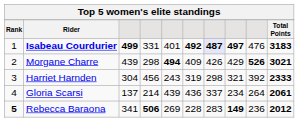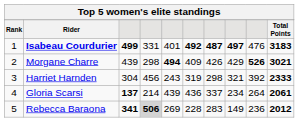 <table class="wikitable sortable">
 <tr>
 <th colspan=27 align="center"><strong>Top 5 women's elite standings</strong></th>
 </tr>
 <tr>
 </tr>
 <tr style="font-size:8pt;font-weight:bold">
 <th align="center">Rank</th>
 <th align="center">Rider</th>
 <th class=unsortable style="background:#E5E4E2;"><small></small></th>
 <th class=unsortable style="background:#E5E4E2;"><small></small></th>
 <th class=unsortable style="background:#E5E4E2;"><small></small></th>
 <th class=unsortable style="background:#E5E4E2;"><small></small></th>
 <th class=unsortable style="background:#E5E4E2;"><small></small></th>
 <th class=unsortable style="background:#E5E4E2;"><small></small></th>
 <th class=unsortable style="background:#E5E4E2;"><small></small></th>
 <th align="center">Total<br>Points</th>
 </tr>
 <tr>
 <td align=center>1</td>
 <td> <strong><a href='#'>Isabeau Courdurier</a></strong></td>
 <td align=center><strong>499</strong></td>
 <td align=center>331</td>
 <td align=center>401</td>
 <td align=center><strong>492</strong></td>
-<td align=center style="background: lavender;"><strong>487</strong></td>
+<td align=center><strong>487</strong></td>
 <td align=center><strong>497</strong></td>
 <td align=center>476</td>
 <td align=center><strong>3183</strong></td>
 </tr>
 <tr>
 <td align=center>2</td>
 <td> <a href='#'>Morgane Charre</a></td>
 <td align=center>439</td>
 <td align=center>298</td>
 <td align=center><strong>494</strong></td>
 <td align=center>409</td>
 <td align=center>426</td>
 <td align=center>429</td>
 <td align=center><strong>526</strong></td>
 <td align=center><strong>3021</strong></td>
 </tr>
 <tr>
 <td align=center>3</td>
 <td> <a href='#'>Harriet Harnden</a></td>
 <td align=center>304</td>
 <td align=center>456</td>
 <td align=center>243</td>
 <td align=center>319</td>
 <td align=center>298</td>
 <td align=center>321</td>
 <td align=center>392</td>
 <td align=center><strong>2333</strong></td>
 </tr>
 <tr>
 <td align=center>4</td>
 <td> <a href='#'>Gloria Scarsi</a></td>
-<td align=center>137</td>
+<td align=center><strong>137</strong></td>
 <td align=center>214</td>
 <td align=center>439</td>
 <td align=center>436</td>
 <td align=center>337</td>
 <td align=center>234</td>
 <td align=center>264</td>
 <td align=center><strong>2061</strong></td>
 </tr>
 <tr>
-<td align=center><strong>5</strong></td>
+<td align=center>5</td>
 <td> <a href='#'>Rebecca Baraona</a></td>
-<td align=center>341</td>
-<td align=center><strong>506</strong></td>
+<td align=center><strong>341</strong></td>
+<td align=center style="background: lightgrey;"><strong>506</strong></td>
 <td align=center>269</td>
 <td align=center>228</td>
 <td align=center>283</td>
-<td align=center><strong>149</strong></td>
+<td align=center>149</td>
 <td align=center>236</td>
 <td align=center><strong>2012</strong><br></td>
 </tr>
 </table>
